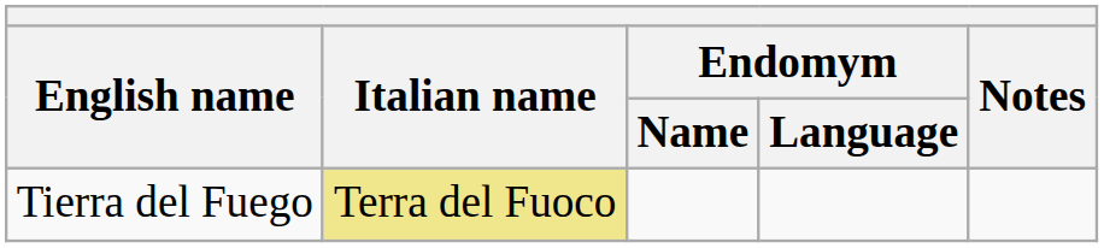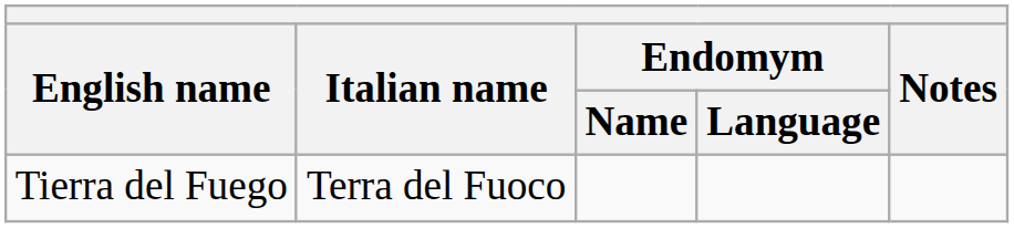 <table class="wikitable sortable">
 <tr>
 <th colspan="5"></th>
 </tr>
 <tr>
 <th rowspan="2">English name</th>
 <th rowspan="2">Italian name</th>
 <th colspan="2">Endomym</th>
 <th rowspan="2">Notes</th>
 </tr>
 <tr>
 <th>Name</th>
 <th>Language</th>
 </tr>
 <tr>
 <td>Tierra del Fuego</td>
-<td style="background: khaki;">Terra del Fuoco</td>
+<td>Terra del Fuoco</td>
 <td></td>
 <td></td>
 <td></td>
 </tr>
 </table>
